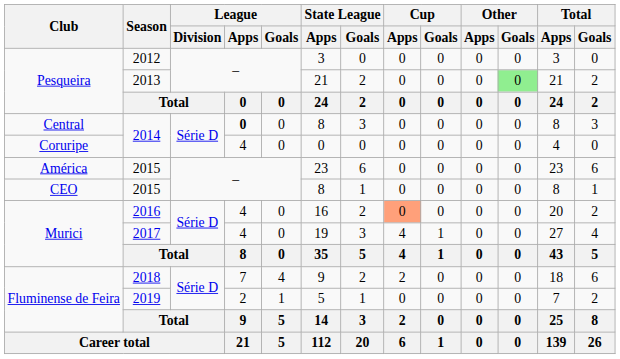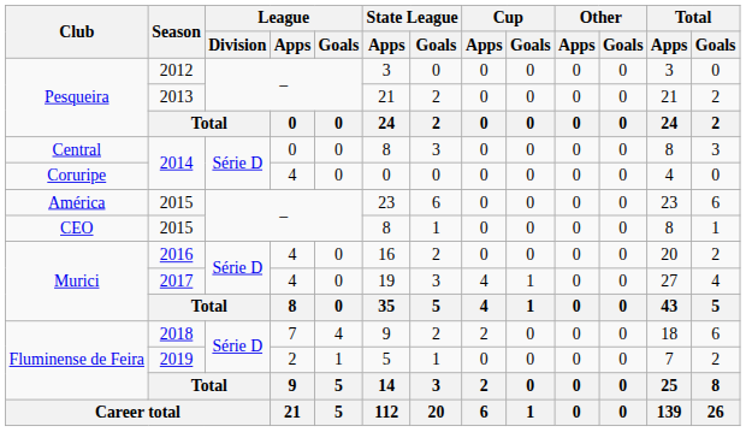 <table class="wikitable" style="text-align: center">
 <tr>
 <th rowspan="2">Club</th>
 <th rowspan="2">Season</th>
 <th colspan="3">League</th>
 <th colspan="2">State League</th>
 <th colspan="2">Cup</th>
 <th colspan="2">Other</th>
 <th colspan="2">Total</th>
 </tr>
 <tr>
 <th>Division</th>
 <th>Apps</th>
 <th>Goals</th>
 <th>Apps</th>
 <th>Goals</th>
 <th>Apps</th>
 <th>Goals</th>
 <th>Apps</th>
 <th>Goals</th>
 <th>Apps</th>
 <th>Goals</th>
 </tr>
 <tr>
 <td rowspan="3"><a href='#'>Pesqueira</a></td>
 <td>2012</td>
 <td rowspan="2" colspan="3">–</td>
 <td>3</td>
 <td>0</td>
 <td>0</td>
 <td>0</td>
 <td>0</td>
 <td>0</td>
 <td>3</td>
 <td>0</td>
 </tr>
 <tr>
 <td>2013</td>
 <td>21</td>
 <td>2</td>
 <td>0</td>
 <td>0</td>
 <td>0</td>
-<td style="background: lightgreen;">0</td>
+<td>0</td>
 <td>21</td>
 <td>2</td>
 </tr>
 <tr>
 <th colspan="2"><strong>Total</strong></th>
 <th>0</th>
 <th>0</th>
 <th>24</th>
 <th>2</th>
 <th>0</th>
 <th>0</th>
 <th>0</th>
 <th>0</th>
 <th>24</th>
 <th>2</th>
 </tr>
 <tr>
 <td><a href='#'>Central</a></td>
 <td rowspan="2"><a href='#'>2014</a></td>
 <td rowspan="2"><a href='#'>Série D</a></td>
-<td><strong>0</strong></td>
+<td>0</td>
 <td>0</td>
 <td>8</td>
 <td>3</td>
 <td>0</td>
 <td>0</td>
 <td>0</td>
 <td>0</td>
 <td>8</td>
 <td>3</td>
 </tr>
 <tr>
 <td><a href='#'>Coruripe</a></td>
 <td>4</td>
 <td>0</td>
 <td>0</td>
 <td>0</td>
 <td>0</td>
 <td>0</td>
 <td>0</td>
 <td>0</td>
 <td>4</td>
 <td>0</td>
 </tr>
 <tr>
 <td><a href='#'>América</a></td>
 <td>2015</td>
 <td rowspan="2" colspan="3">–</td>
 <td>23</td>
 <td>6</td>
 <td>0</td>
 <td>0</td>
 <td>0</td>
 <td>0</td>
 <td>23</td>
 <td>6</td>
 </tr>
 <tr>
 <td><a href='#'>CEO</a></td>
 <td>2015</td>
 <td>8</td>
 <td>1</td>
 <td>0</td>
 <td>0</td>
 <td>0</td>
 <td>0</td>
 <td>8</td>
 <td>1</td>
 </tr>
 <tr>
 <td rowspan="3"><a href='#'>Murici</a></td>
 <td><a href='#'>2016</a></td>
 <td rowspan="2"><a href='#'>Série D</a></td>
 <td>4</td>
 <td>0</td>
 <td>16</td>
 <td>2</td>
-<td style="background: lightsalmon;">0</td>
+<td>0</td>
 <td>0</td>
 <td>0</td>
 <td>0</td>
 <td>20</td>
 <td>2</td>
 </tr>
 <tr>
 <td><a href='#'>2017</a></td>
 <td>4</td>
 <td>0</td>
 <td>19</td>
 <td>3</td>
 <td>4</td>
 <td>1</td>
 <td>0</td>
 <td>0</td>
 <td>27</td>
 <td>4</td>
 </tr>
 <tr>
 <th colspan="2"><strong>Total</strong></th>
 <th>8</th>
 <th>0</th>
 <th>35</th>
 <th>5</th>
 <th>4</th>
 <th>1</th>
 <th>0</th>
 <th>0</th>
 <th>43</th>
 <th>5</th>
 </tr>
 <tr>
 <td rowspan="3"><a href='#'>Fluminense de Feira</a></td>
 <td><a href='#'>2018</a></td>
 <td rowspan="2"><a href='#'>Série D</a></td>
 <td>7</td>
 <td>4</td>
 <td>9</td>
 <td>2</td>
 <td>2</td>
 <td>0</td>
 <td>0</td>
 <td>0</td>
 <td>18</td>
 <td>6</td>
 </tr>
 <tr>
 <td><a href='#'>2019</a></td>
 <td>2</td>
 <td>1</td>
 <td>5</td>
 <td>1</td>
 <td>0</td>
 <td>0</td>
 <td>0</td>
 <td>0</td>
 <td>7</td>
 <td>2</td>
 </tr>
 <tr>
 <th colspan="2"><strong>Total</strong></th>
 <th>9</th>
 <th>5</th>
 <th>14</th>
 <th>3</th>
 <th>2</th>
 <th>0</th>
 <th>0</th>
 <th>0</th>
 <th>25</th>
 <th>8</th>
 </tr>
 <tr>
 <th colspan="3"><strong>Career total</strong></th>
 <th>21</th>
 <th>5</th>
 <th>112</th>
 <th>20</th>
 <th>6</th>
 <th>1</th>
 <th>0</th>
 <th>0</th>
 <th>139</th>
 <th>26</th>
 </tr>
 </table>
